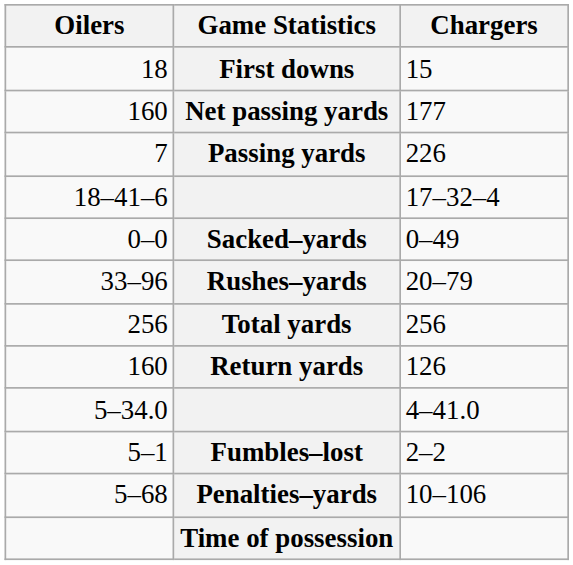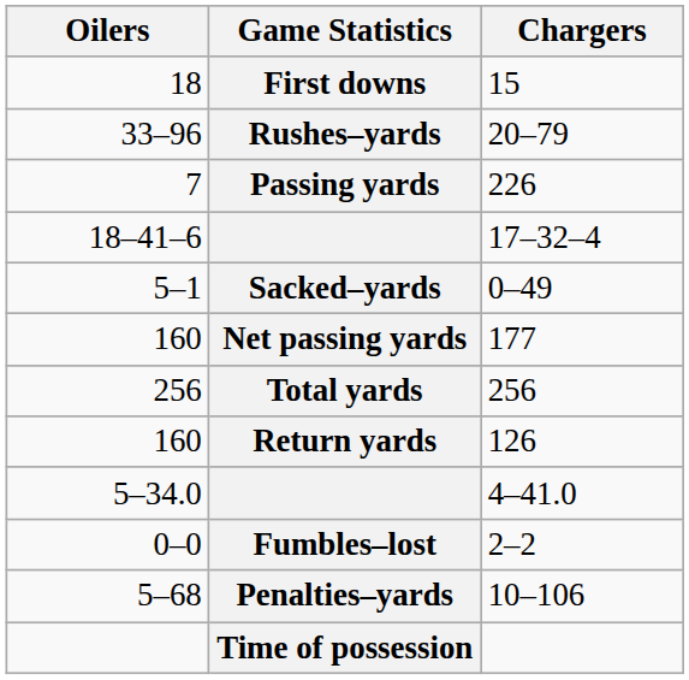 <table class="wikitable" style="margin: 1em auto 1em auto">
 <tr>
 <th style="width:30%;">Oilers</th>
 <th style="width:40%;">Game Statistics</th>
 <th style="width:30%;">Chargers</th>
 </tr>
 <tr>
 <td style="text-align:right;">18</td>
 <th>First downs</th>
 <td>15</td>
 </tr>
 <tr>
-<td style="text-align:right;">160</td>
-<th>Net passing yards</th>
-<td>177</td>
+<td style="text-align:right;">33–96</td>
+<th>Rushes–yards</th>
+<td>20–79</td>
 </tr>
 <tr>
 <td style="text-align:right;">7</td>
 <th>Passing yards</th>
 <td>226</td>
 </tr>
 <tr>
 <td style="text-align:right;">18–41–6</td>
 <th></th>
 <td>17–32–4</td>
 </tr>
 <tr>
-<td style="text-align:right;">0–0</td>
+<td style="text-align:right;">5–1</td>
 <th>Sacked–yards</th>
 <td>0–49</td>
 </tr>
 <tr>
-<td style="text-align:right;">33–96</td>
-<th>Rushes–yards</th>
-<td>20–79</td>
+<td style="text-align:right;">160</td>
+<th>Net passing yards</th>
+<td>177</td>
 </tr>
 <tr>
 <td style="text-align:right;">256</td>
 <th>Total yards</th>
 <td>256</td>
 </tr>
 <tr>
 <td style="text-align:right;">160</td>
 <th>Return yards</th>
 <td>126</td>
 </tr>
 <tr>
 <td style="text-align:right;">5–34.0</td>
 <th></th>
 <td>4–41.0</td>
 </tr>
 <tr>
-<td style="text-align:right;">5–1</td>
+<td style="text-align:right;">0–0</td>
 <th>Fumbles–lost</th>
 <td>2–2</td>
 </tr>
 <tr>
 <td style="text-align:right;">5–68</td>
 <th>Penalties–yards</th>
 <td>10–106</td>
 </tr>
 <tr>
 <td style="text-align:right;"></td>
 <th>Time of possession</th>
 <td></td>
 </tr>
 </table>
